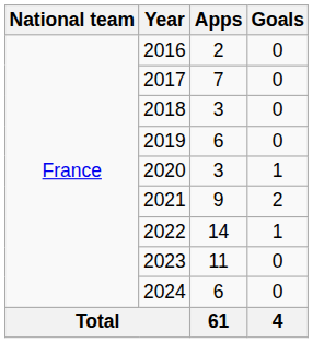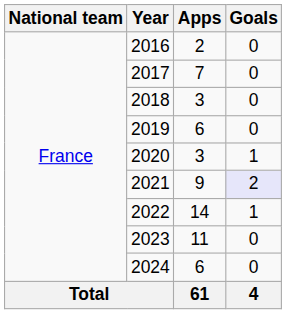 <table class="wikitable" style="text-align:center">
 <tr>
 <th>National team</th>
 <th>Year</th>
 <th>Apps</th>
 <th>Goals</th>
 </tr>
 <tr>
 <td rowspan="9"><a href='#'>France</a></td>
 <td>2016</td>
 <td>2</td>
 <td>0</td>
 </tr>
 <tr>
 <td>2017</td>
 <td>7</td>
 <td>0</td>
 </tr>
 <tr>
 <td>2018</td>
 <td>3</td>
 <td>0</td>
 </tr>
 <tr>
 <td>2019</td>
 <td>6</td>
 <td>0</td>
 </tr>
 <tr>
 <td>2020</td>
 <td>3</td>
 <td>1</td>
 </tr>
 <tr>
 <td>2021</td>
 <td>9</td>
-<td>2</td>
+<td style="background: lavender;">2</td>
 </tr>
 <tr>
 <td>2022</td>
 <td>14</td>
 <td>1</td>
 </tr>
 <tr>
 <td>2023</td>
 <td>11</td>
 <td>0</td>
 </tr>
 <tr>
 <td>2024</td>
 <td>6</td>
 <td>0</td>
 </tr>
 <tr>
 <th colspan="2">Total</th>
 <th>61</th>
 <th>4</th>
 </tr>
 </table>
